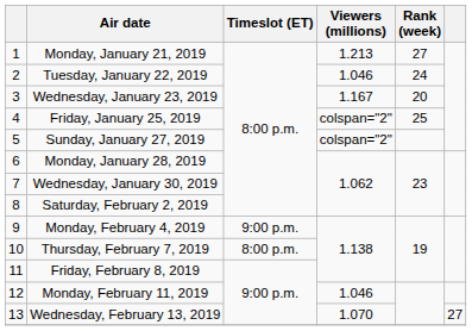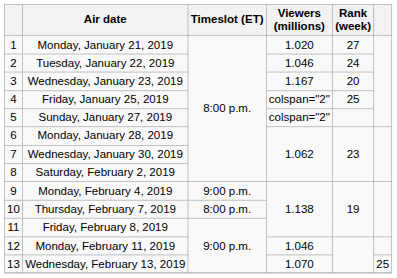 <table class="wikitable sortable" style="text-align:center; width:auto;">
 <tr>
 <th></th>
 <th>Air date</th>
 <th>Timeslot (ET)</th>
 <th>Viewers<br>(millions)</th>
 <th>Rank<br>(week)</th>
 <th></th>
 </tr>
 <tr>
 <td style="text-align:center">1</td>
 <td style="text-align:center">Monday, January 21, 2019</td>
 <td style="text-align:center" rowspan="8">8:00 p.m.</td>
-<td style="text-align:center">1.213</td>
+<td style="text-align:center">1.020</td>
 <td style="text-align:center">27</td>
 <td style="text-align:center" rowspan="5"></td>
 </tr>
 <tr>
 <td style="text-align:center">2</td>
 <td style="text-align:center">Tuesday, January 22, 2019</td>
 <td style="text-align:center">1.046</td>
 <td style="text-align:center">24</td>
 </tr>
 <tr>
 <td style="text-align:center">3</td>
 <td style="text-align:center">Wednesday, January 23, 2019</td>
 <td style="text-align:center">1.167</td>
 <td style="text-align:center">20</td>
 </tr>
 <tr>
 <td style="text-align:center">4</td>
 <td style="text-align:center">Friday, January 25, 2019</td>
 <td>colspan="2" </td>
 <td style="text-align:center">25</td>
 </tr>
 <tr>
 <td style="text-align:center">5</td>
 <td style="text-align:center">Sunday, January 27, 2019</td>
 <td>colspan="2" </td>
 </tr>
 <tr>
 <td style="text-align:center">6</td>
 <td style="text-align:center">Monday, January 28, 2019</td>
 <td style="text-align:center" rowspan="3">1.062</td>
 <td style="text-align:center" rowspan="3">23</td>
 <td style="text-align:center" rowspan="3"></td>
 </tr>
 <tr>
 <td style="text-align:center">7</td>
 <td style="text-align:center">Wednesday, January 30, 2019</td>
 </tr>
 <tr>
 <td style="text-align:center">8</td>
 <td style="text-align:center">Saturday, February 2, 2019</td>
 </tr>
 <tr>
 <td style="text-align:center">9</td>
 <td style="text-align:center">Monday, February 4, 2019</td>
 <td style="text-align:center">9:00 p.m.</td>
 <td style="text-align:center" rowspan="3">1.138</td>
 <td style="text-align:center" rowspan="3">19</td>
 <td style="text-align:center" rowspan="3"></td>
 </tr>
 <tr>
 <td style="text-align:center">10</td>
 <td style="text-align:center">Thursday, February 7, 2019</td>
 <td style="text-align:center">8:00 p.m.</td>
 </tr>
 <tr>
 <td style="text-align:center">11</td>
 <td style="text-align:center">Friday, February 8, 2019</td>
 <td style="text-align:center" rowspan="3">9:00 p.m.</td>
 </tr>
 <tr>
 <td style="text-align:center">12</td>
 <td style="text-align:center">Monday, February 11, 2019</td>
 <td style="text-align:center">1.046</td>
 <td style="text-align:center" rowspan="2"></td>
 </tr>
 <tr>
 <td style="text-align:center">13</td>
 <td style="text-align:center">Wednesday, February 13, 2019</td>
 <td style="text-align:center">1.070</td>
-<td style="text-align:center">27</td>
+<td style="text-align:center">25</td>
 </tr>
 <tr>
 </tr>
 </table>
